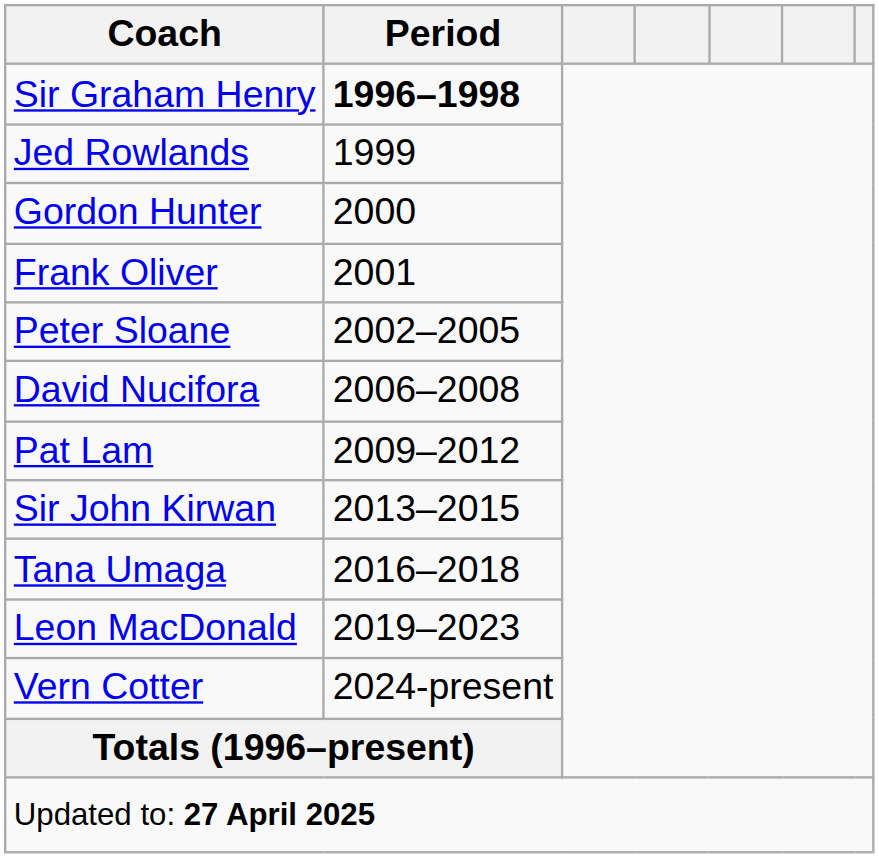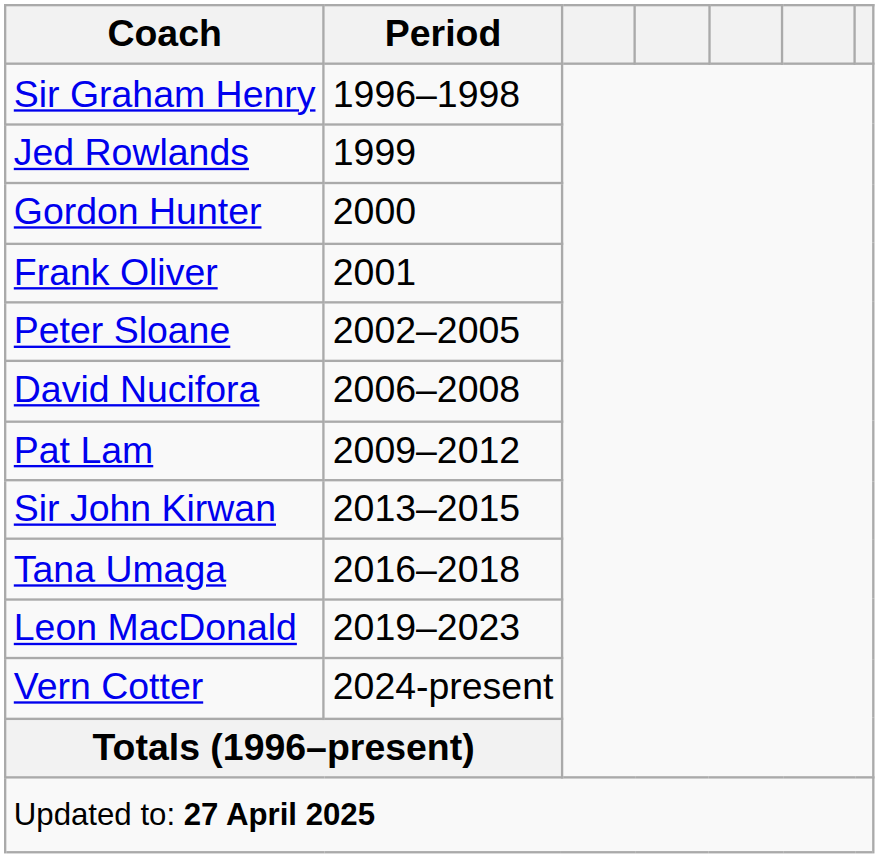 <table class="wikitable sortable">
 <tr>
 <th>Coach</th>
 <th>Period</th>
 <th style="width:1.5em"></th>
 <th style="width:1.5em"></th>
 <th style="width:1.5em"></th>
 <th style="width:1.5em"></th>
 <th></th>
 </tr>
 <tr>
 <td> <a href='#'>Sir Graham Henry</a></td>
-<td><strong>1996–1998<br></strong></td>
+<td>1996–1998<br></td>
 </tr>
 <tr>
 <td> <a href='#'>Jed Rowlands</a></td>
 <td>1999<br></td>
 </tr>
 <tr>
 <td> <a href='#'>Gordon Hunter</a></td>
 <td>2000<br></td>
 </tr>
 <tr>
 <td> <a href='#'>Frank Oliver</a></td>
 <td>2001<br></td>
 </tr>
 <tr>
 <td> <a href='#'>Peter Sloane</a></td>
 <td>2002–2005<br></td>
 </tr>
 <tr>
 <td> <a href='#'>David Nucifora</a></td>
 <td>2006–2008<br></td>
 </tr>
 <tr>
 <td> <a href='#'>Pat Lam</a></td>
 <td>2009–2012<br></td>
 </tr>
 <tr>
 <td> <a href='#'>Sir John Kirwan</a></td>
 <td>2013–2015<br></td>
 </tr>
 <tr>
 <td> <a href='#'>Tana Umaga</a></td>
 <td>2016–2018<br></td>
 </tr>
 <tr>
 <td> <a href='#'>Leon MacDonald</a></td>
 <td>2019–2023<br></td>
 </tr>
 <tr>
 <td> <a href='#'>Vern Cotter</a></td>
 <td>2024-present<br></td>
 </tr>
 <tr>
 <th colspan=2>Totals (1996–present)<br></th>
 </tr>
 <tr>
 <td colspan="100%" style="border-bottom:1px transparent;line-height:150%"><small>Updated to: <strong>27 April 2025</strong></small></td>
 </tr>
 </table>
